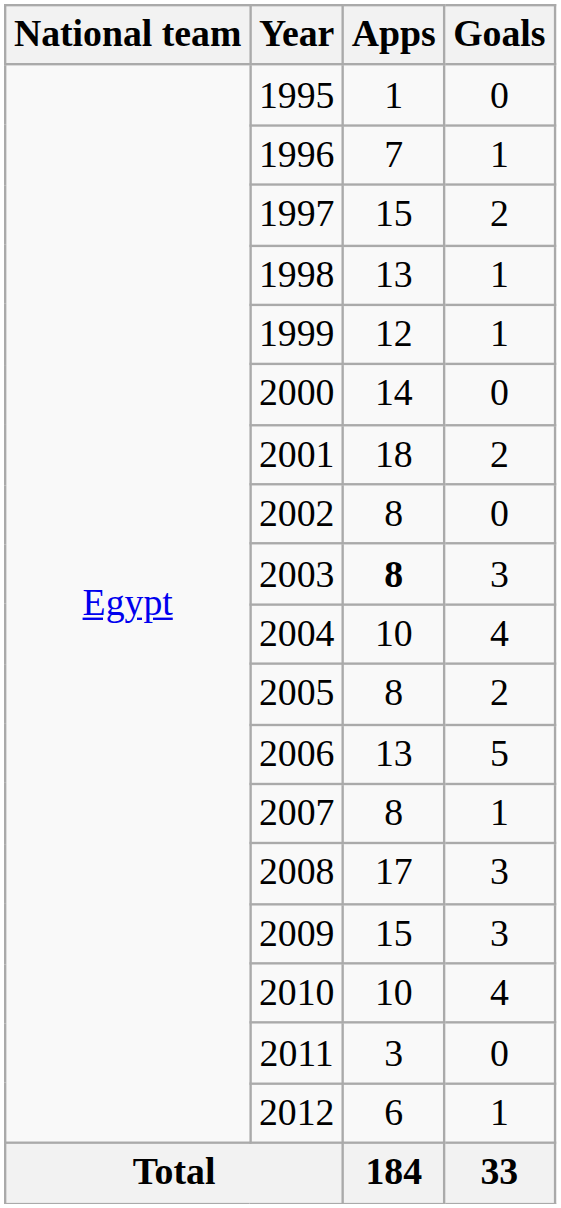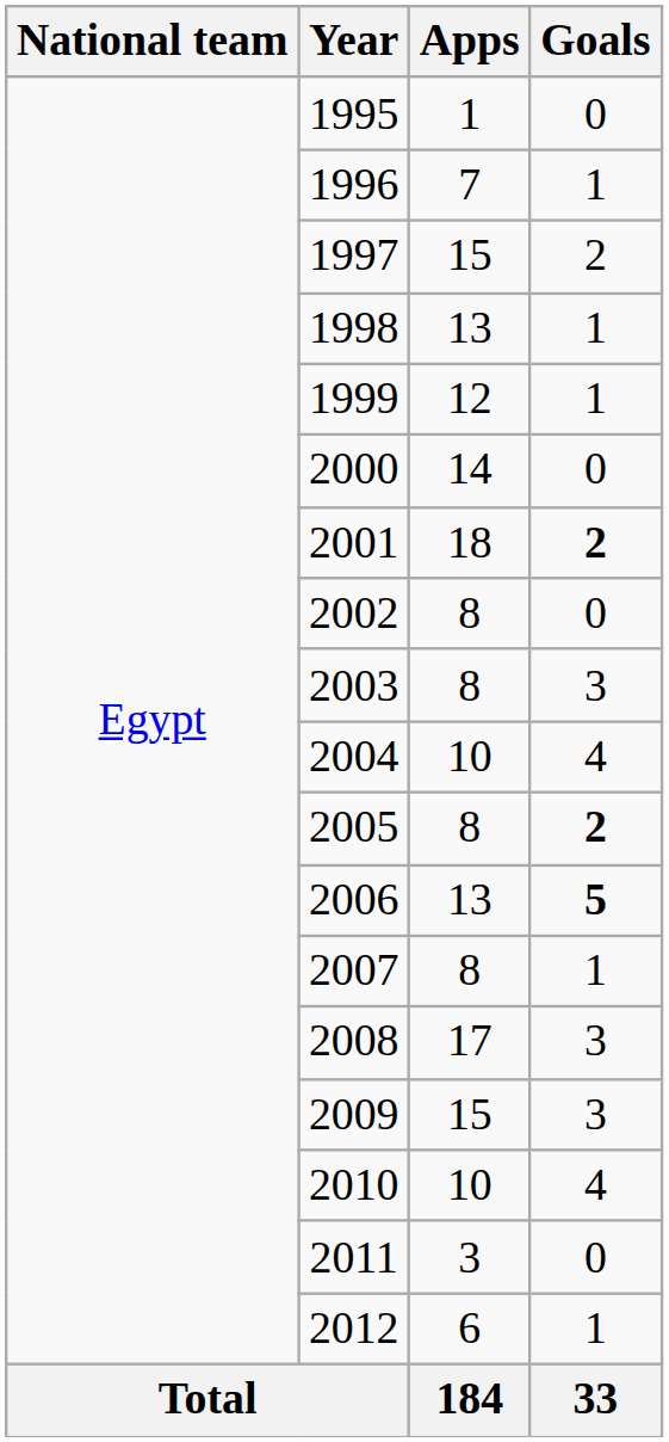 <table class="wikitable" style="text-align:center">
 <tr>
 <th>National team</th>
 <th>Year</th>
 <th>Apps</th>
 <th>Goals</th>
 </tr>
 <tr>
 <td rowspan="18"><a href='#'>Egypt</a></td>
 <td>1995</td>
 <td>1</td>
 <td>0</td>
 </tr>
 <tr>
 <td>1996</td>
 <td>7</td>
 <td>1</td>
 </tr>
 <tr>
 <td>1997</td>
 <td>15</td>
 <td>2</td>
 </tr>
 <tr>
 <td>1998</td>
 <td>13</td>
 <td>1</td>
 </tr>
 <tr>
 <td>1999</td>
 <td>12</td>
 <td>1</td>
 </tr>
 <tr>
 <td>2000</td>
 <td>14</td>
 <td>0</td>
 </tr>
 <tr>
 <td>2001</td>
 <td>18</td>
-<td>2</td>
+<td><strong>2</strong></td>
 </tr>
 <tr>
 <td>2002</td>
 <td>8</td>
 <td>0</td>
 </tr>
 <tr>
 <td>2003</td>
-<td><strong>8</strong></td>
+<td>8</td>
 <td>3</td>
 </tr>
 <tr>
 <td>2004</td>
 <td>10</td>
 <td>4</td>
 </tr>
 <tr>
 <td>2005</td>
 <td>8</td>
-<td>2</td>
+<td><strong>2</strong></td>
 </tr>
 <tr>
 <td>2006</td>
 <td>13</td>
-<td>5</td>
+<td><strong>5</strong></td>
 </tr>
 <tr>
 <td>2007</td>
 <td>8</td>
 <td>1</td>
 </tr>
 <tr>
 <td>2008</td>
 <td>17</td>
 <td>3</td>
 </tr>
 <tr>
 <td>2009</td>
 <td>15</td>
 <td>3</td>
 </tr>
 <tr>
 <td>2010</td>
 <td>10</td>
 <td>4</td>
 </tr>
 <tr>
 <td>2011</td>
 <td>3</td>
 <td>0</td>
 </tr>
 <tr>
 <td>2012</td>
 <td>6</td>
 <td>1</td>
 </tr>
 <tr>
 <th colspan="2">Total</th>
 <th>184</th>
 <th>33</th>
 </tr>
 </table>
